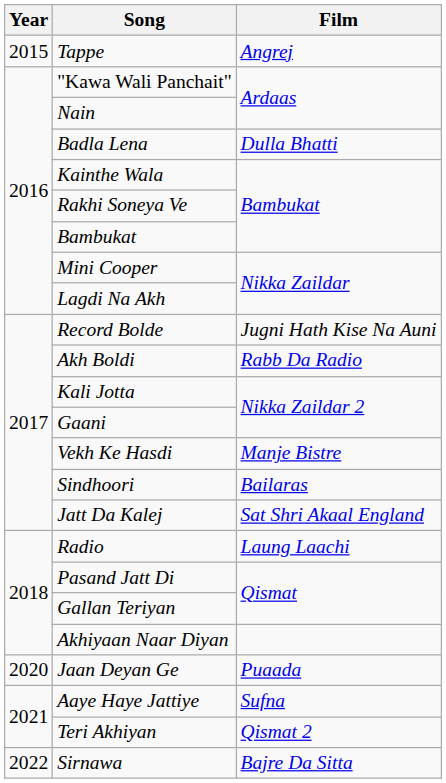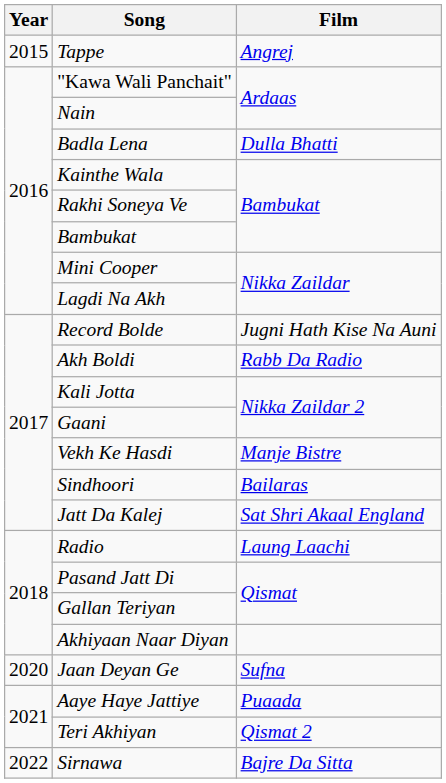 <table class="wikitable">
 <tr>
 <th scope="col">Year</th>
 <th scope="col">Song</th>
 <th scope="col">Film</th>
 </tr>
 <tr>
 <td>2015</td>
 <td><em>Tappe</em></td>
 <td><em><a href='#'>Angrej</a></em></td>
 </tr>
 <tr>
 <td rowspan="8">2016</td>
 <td>"Kawa Wali Panchait"</td>
 <td rowspan="2"><em><a href='#'>Ardaas</a></em></td>
 </tr>
 <tr>
 <td><em>Nain</em></td>
 </tr>
 <tr>
 <td><em>Badla Lena</em></td>
 <td><em><a href='#'>Dulla Bhatti</a></em></td>
 </tr>
 <tr>
 <td><em>Kainthe Wala</em></td>
 <td rowspan="3"><em><a href='#'>Bambukat</a></em></td>
 </tr>
 <tr>
 <td><em>Rakhi Soneya Ve</em></td>
 </tr>
 <tr>
 <td><em>Bambukat</em></td>
 </tr>
 <tr>
 <td><em>Mini Cooper</em></td>
 <td rowspan="2"><em><a href='#'>Nikka Zaildar</a> </em></td>
 </tr>
 <tr>
 <td><em>Lagdi Na Akh</em></td>
 </tr>
 <tr>
 <td rowspan="7">2017</td>
 <td><em>Record Bolde</em></td>
 <td><em>Jugni Hath Kise Na Auni</em></td>
 </tr>
 <tr>
 <td><em>Akh Boldi</em></td>
 <td><em><a href='#'>Rabb Da Radio</a></em></td>
 </tr>
 <tr>
 <td><em>Kali Jotta</em></td>
 <td rowspan="2"><em><a href='#'>Nikka Zaildar 2</a></em></td>
 </tr>
 <tr>
 <td><em>Gaani</em></td>
 </tr>
 <tr>
 <td><em>Vekh Ke Hasdi</em></td>
 <td><em><a href='#'>Manje Bistre</a></em></td>
 </tr>
 <tr>
 <td><em>Sindhoori</em></td>
 <td><em><a href='#'>Bailaras</a></em></td>
 </tr>
 <tr>
 <td><em>Jatt Da Kalej</em></td>
 <td><em><a href='#'>Sat Shri Akaal England</a></em></td>
 </tr>
 <tr>
 <td rowspan="4">2018</td>
 <td><em>Radio</em></td>
 <td><em><a href='#'>Laung Laachi</a></em></td>
 </tr>
 <tr>
 <td><em>Pasand Jatt Di</em></td>
 <td rowspan="2"><em><a href='#'>Qismat</a></em></td>
 </tr>
 <tr>
 <td><em>Gallan Teriyan</em></td>
 </tr>
 <tr>
 <td><em>Akhiyaan Naar Diyan</em></td>
 <td></td>
 </tr>
 <tr>
 <td>2020</td>
 <td><em>Jaan Deyan Ge</em></td>
-<td><em><a href='#'>Puaada</a></em></td>
+<td><em><a href='#'>Sufna</a></em></td>
 </tr>
 <tr>
 <td rowspan="2">2021</td>
 <td><em>Aaye Haye Jattiye</em></td>
-<td><em><a href='#'>Sufna</a></em></td>
+<td><em><a href='#'>Puaada</a></em></td>
 </tr>
 <tr>
 <td><em>Teri Akhiyan</em></td>
 <td><em><a href='#'>Qismat 2</a></em></td>
 </tr>
 <tr>
 <td>2022</td>
 <td><em>Sirnawa</em></td>
 <td><em><a href='#'>Bajre Da Sitta</a></em></td>
 </tr>
 </table>
